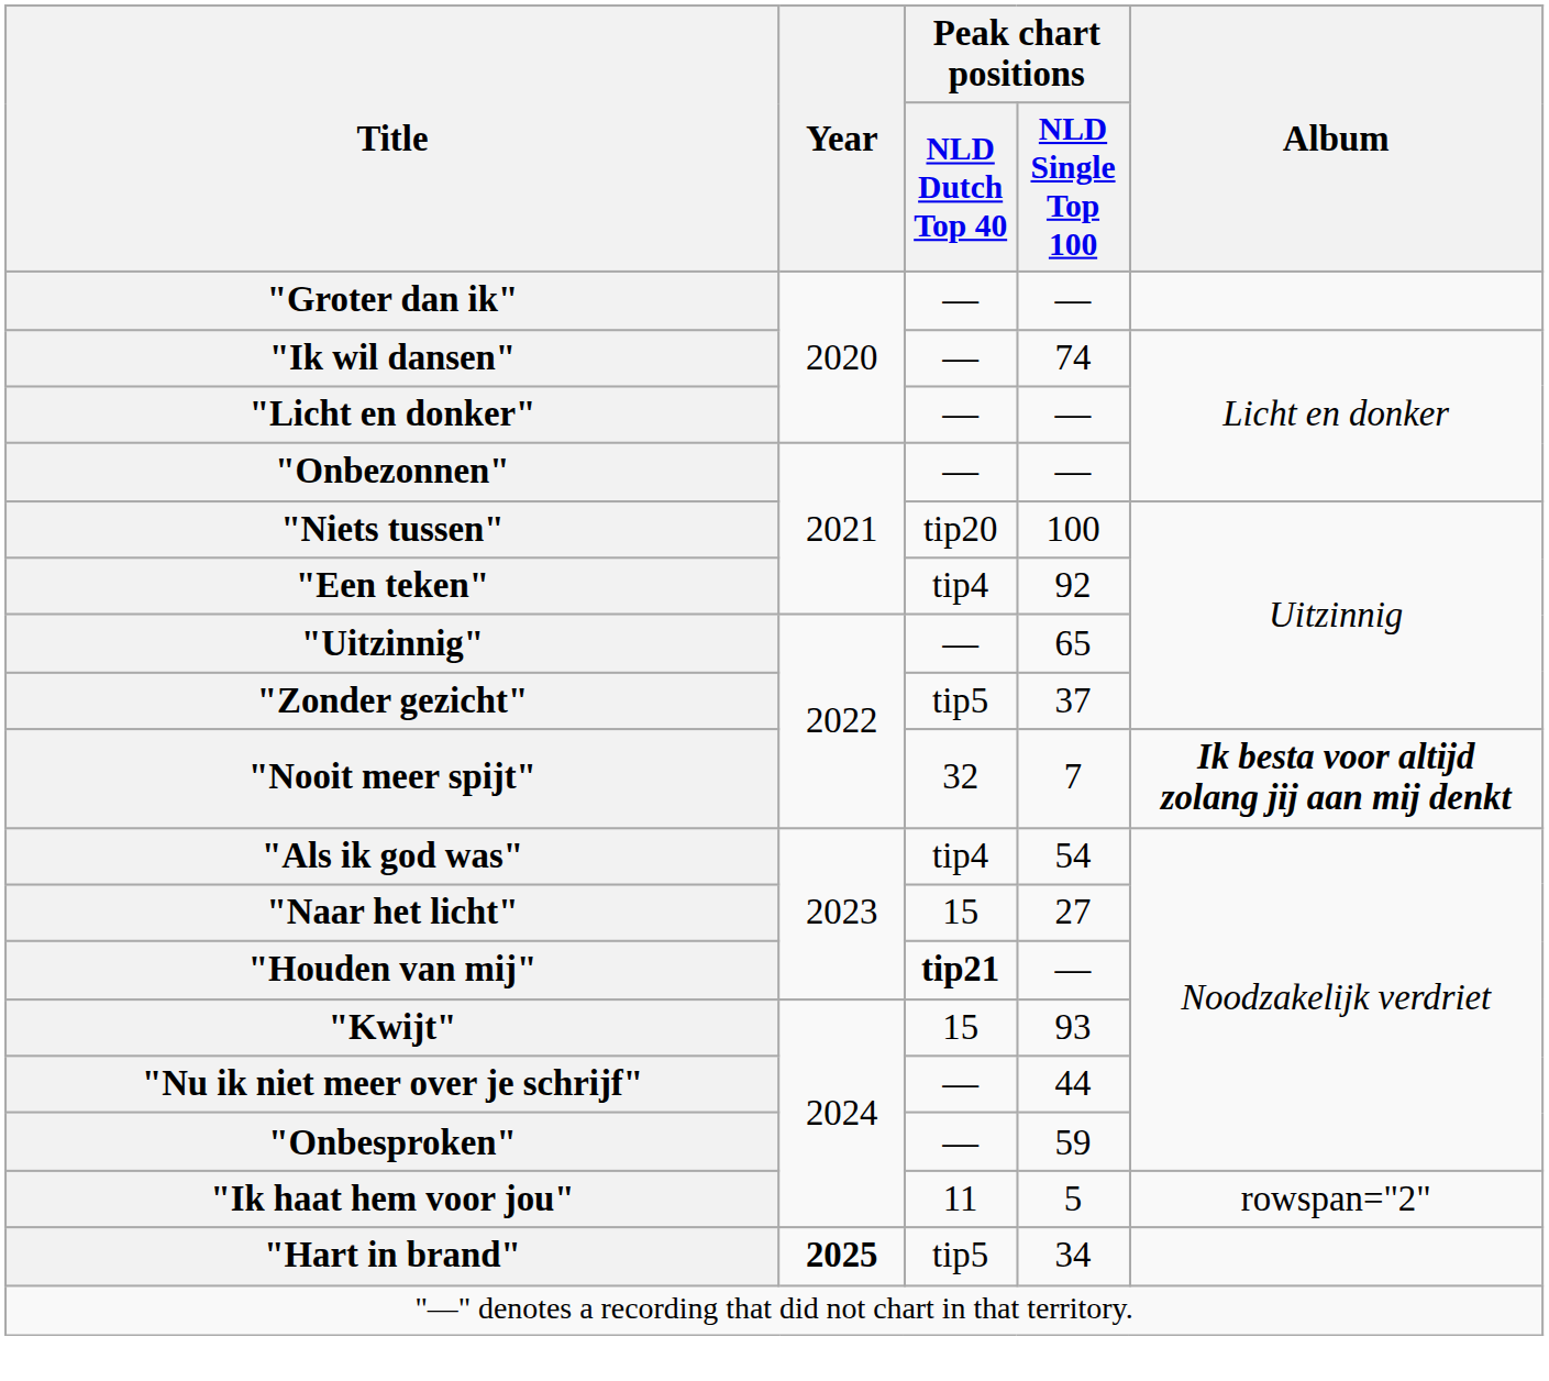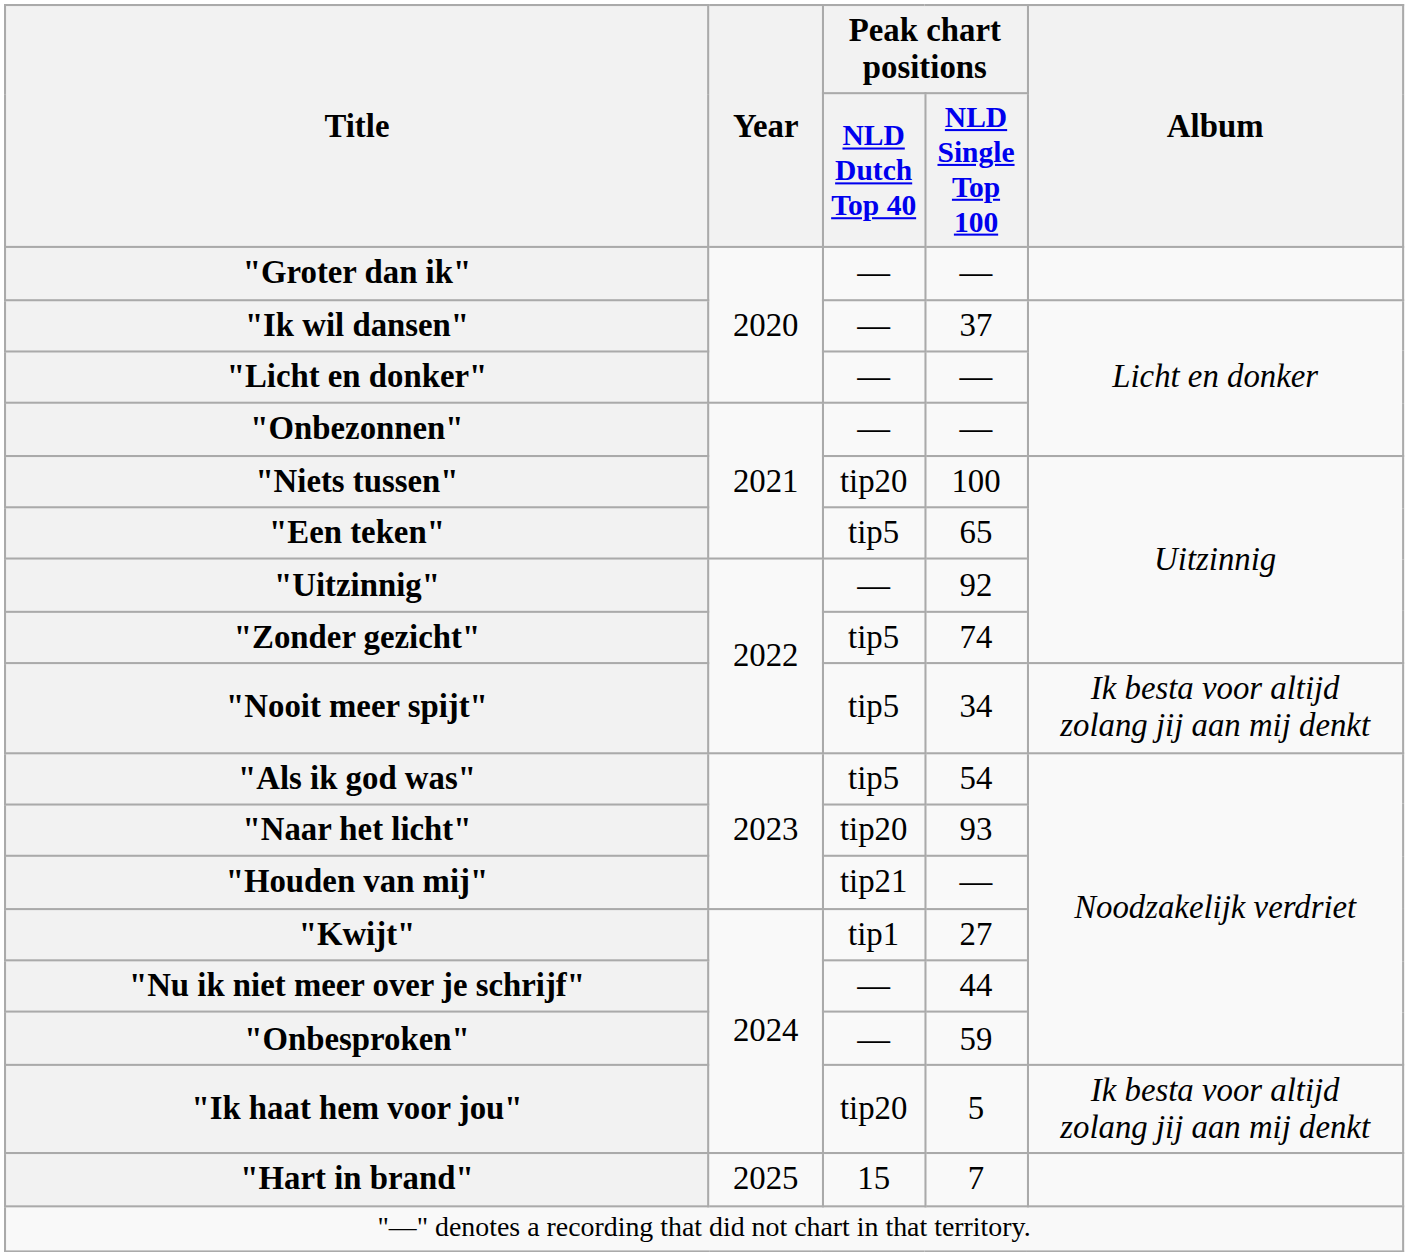 <table class="wikitable plainrowheaders" style="text-align:center;">
 <tr>
 <th scope="col" rowspan="2" style="width:21em;">Title</th>
 <th scope="col" rowspan="2" style="width:3em;">Year</th>
 <th colspan="2">Peak chart positions</th>
 <th rowspan="2" scope="col" style="width:11em;">Album</th>
 </tr>
 <tr>
 <th scope="col" style="width:3em;font-size:90%;"><a href='#'>NLD<br>Dutch<br>Top 40</a><br></th>
 <th scope="col" style="width:3em;font-size:90%;"><a href='#'>NLD<br>Single<br>Top 100</a><br></th>
 </tr>
 <tr>
 <th scope="row">"Groter dan ik"</th>
 <td rowspan="3">2020</td>
 <td>—</td>
 <td>—</td>
 <td></td>
 </tr>
 <tr>
 <th scope="row">"Ik wil dansen"</th>
 <td>—</td>
-<td>74</td>
+<td>37</td>
 <td rowspan="3"><em>Licht en donker</em></td>
 </tr>
 <tr>
 <th scope="row">"Licht en donker"</th>
 <td>—</td>
 <td>—</td>
 </tr>
 <tr>
 <th scope="row">"Onbezonnen"</th>
 <td rowspan="3">2021</td>
 <td>—</td>
 <td>—</td>
 </tr>
 <tr>
 <th scope="row">"Niets tussen"</th>
 <td>tip20</td>
 <td>100</td>
 <td rowspan="4"><em>Uitzinnig</em></td>
 </tr>
 <tr>
 <th scope="row">"Een teken"</th>
-<td>tip4</td>
-<td>92</td>
+<td>tip5</td>
+<td>65</td>
 </tr>
 <tr>
 <th scope="row">"Uitzinnig"</th>
 <td rowspan="3">2022</td>
 <td>—</td>
-<td>65</td>
+<td>92</td>
 </tr>
 <tr>
 <th scope="row">"Zonder gezicht" </th>
 <td>tip5</td>
-<td>37</td>
+<td>74</td>
 </tr>
 <tr>
 <th scope="row">"Nooit meer spijt" </th>
-<td>32</td>
-<td>7</td>
-<td><strong><em>Ik besta voor altijd<br>zolang jij aan mij denkt</em></strong></td>
+<td>tip5</td>
+<td>34</td>
+<td><em>Ik besta voor altijd<br>zolang jij aan mij denkt</em></td>
 </tr>
 <tr>
 <th scope="row">"Als ik god was"</th>
 <td rowspan="3">2023</td>
-<td>tip4</td>
+<td>tip5</td>
 <td>54</td>
 <td rowspan="6"><em>Noodzakelijk verdriet</em></td>
 </tr>
 <tr>
 <th scope="row">"Naar het licht"</th>
-<td>15</td>
-<td>27</td>
+<td>tip20</td>
+<td>93</td>
 </tr>
 <tr>
 <th scope="row">"Houden van mij"</th>
-<td><strong>tip21</strong></td>
+<td>tip21</td>
 <td>—</td>
 </tr>
 <tr>
 <th scope="row">"Kwijt"</th>
 <td rowspan="4">2024</td>
-<td>15</td>
-<td>93</td>
+<td>tip1</td>
+<td>27</td>
 </tr>
 <tr>
 <th scope="row">"Nu ik niet meer over je schrijf"</th>
 <td>—</td>
 <td>44</td>
 </tr>
 <tr>
 <th scope="row">"Onbesproken"</th>
 <td>—</td>
 <td>59</td>
 </tr>
 <tr>
 <th scope="row">"Ik haat hem voor jou" </th>
-<td>11</td>
+<td>tip20</td>
 <td>5</td>
-<td>rowspan="2" </td>
+<td><em>Ik besta voor altijd<br>zolang jij aan mij denkt</em></td>
 </tr>
 <tr>
 <th scope="row">"Hart in brand" </th>
-<td><strong>2025</strong></td>
-<td>tip5</td>
-<td>34</td>
+<td>2025</td>
+<td>15</td>
+<td>7</td>
 </tr>
 <tr>
 <td colspan="12" style="font-size:85%">"—" denotes a recording that did not chart in that territory.</td>
 </tr>
 </table>
